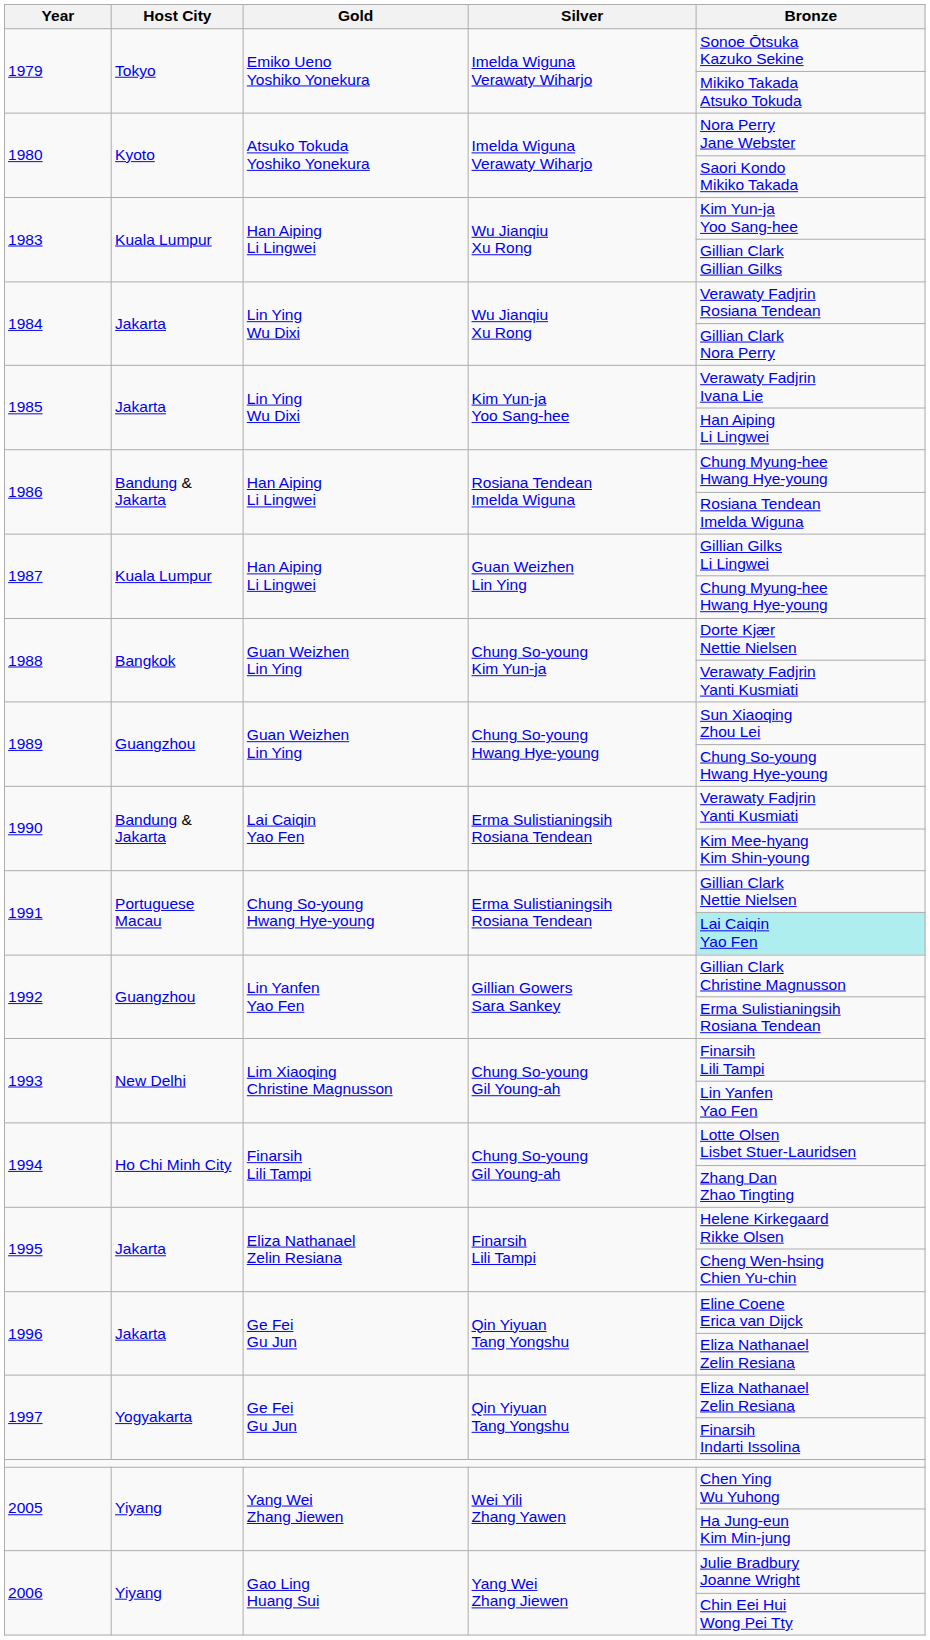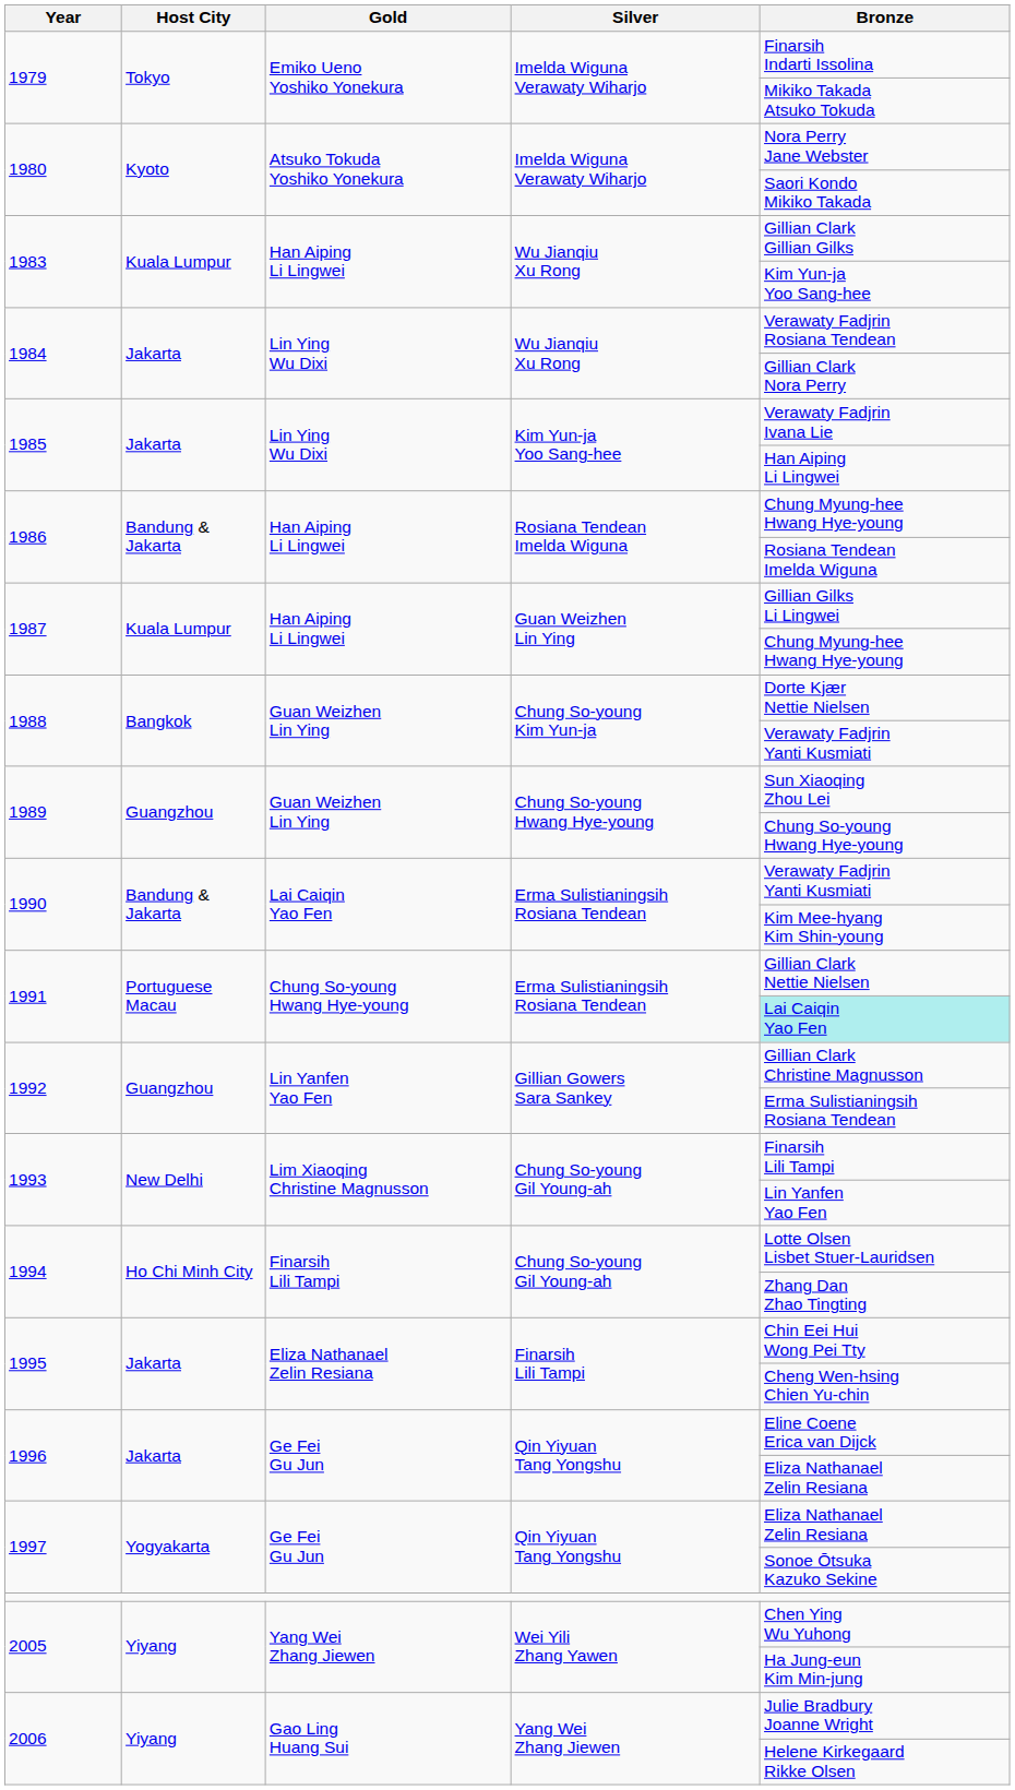 <table class="wikitable" style="text-align: left; width: 950px;">
 <tr>
 <th width="120">Year</th>
 <th width="140">Host City</th>
 <th width="260">Gold</th>
 <th width="260">Silver</th>
 <th width="260">Bronze</th>
 </tr>
 <tr>
 <td rowspan=2><a href='#'>1979</a></td>
 <td rowspan=2><a href='#'>Tokyo</a></td>
 <td rowspan=2> <a href='#'>Emiko Ueno</a><br> <a href='#'>Yoshiko Yonekura</a></td>
 <td rowspan=2> <a href='#'>Imelda Wiguna</a><br> <a href='#'>Verawaty Wiharjo</a></td>
-<td> <a href='#'>Sonoe Ōtsuka</a><br> <a href='#'>Kazuko Sekine</a></td>
+<td> <a href='#'>Finarsih</a><br> <a href='#'>Indarti Issolina</a></td>
 </tr>
 <tr>
 <td> <a href='#'>Mikiko Takada</a><br> <a href='#'>Atsuko Tokuda</a></td>
 </tr>
 <tr>
 <td rowspan=2><a href='#'>1980</a></td>
 <td rowspan=2><a href='#'>Kyoto</a></td>
 <td rowspan=2> <a href='#'>Atsuko Tokuda</a><br> <a href='#'>Yoshiko Yonekura</a></td>
 <td rowspan=2> <a href='#'>Imelda Wiguna</a><br> <a href='#'>Verawaty Wiharjo</a></td>
 <td> <a href='#'>Nora Perry</a><br> <a href='#'>Jane Webster</a></td>
 </tr>
 <tr>
 <td> <a href='#'>Saori Kondo</a><br> <a href='#'>Mikiko Takada</a></td>
 </tr>
 <tr>
 <td rowspan=2><a href='#'>1983</a></td>
 <td rowspan=2><a href='#'>Kuala Lumpur</a></td>
 <td rowspan=2> <a href='#'>Han Aiping</a><br> <a href='#'>Li Lingwei</a></td>
 <td rowspan=2> <a href='#'>Wu Jianqiu</a><br> <a href='#'>Xu Rong</a></td>
-<td> <a href='#'>Kim Yun-ja</a><br> <a href='#'>Yoo Sang-hee</a></td>
+<td> <a href='#'>Gillian Clark</a><br> <a href='#'>Gillian Gilks</a></td>
 </tr>
 <tr>
-<td> <a href='#'>Gillian Clark</a><br> <a href='#'>Gillian Gilks</a></td>
+<td> <a href='#'>Kim Yun-ja</a><br> <a href='#'>Yoo Sang-hee</a></td>
 </tr>
 <tr>
 <td rowspan=2><a href='#'>1984</a></td>
 <td rowspan=2><a href='#'>Jakarta</a></td>
 <td rowspan=2> <a href='#'>Lin Ying</a><br> <a href='#'>Wu Dixi</a></td>
 <td rowspan=2> <a href='#'>Wu Jianqiu</a><br> <a href='#'>Xu Rong</a></td>
 <td> <a href='#'>Verawaty Fadjrin</a><br> <a href='#'>Rosiana Tendean</a></td>
 </tr>
 <tr>
 <td> <a href='#'>Gillian Clark</a><br> <a href='#'>Nora Perry</a></td>
 </tr>
 <tr>
 <td rowspan=2><a href='#'>1985</a></td>
 <td rowspan=2><a href='#'>Jakarta</a></td>
 <td rowspan=2> <a href='#'>Lin Ying</a><br> <a href='#'>Wu Dixi</a></td>
 <td rowspan=2> <a href='#'>Kim Yun-ja</a><br> <a href='#'>Yoo Sang-hee</a></td>
 <td> <a href='#'>Verawaty Fadjrin</a><br> <a href='#'>Ivana Lie</a></td>
 </tr>
 <tr>
 <td> <a href='#'>Han Aiping</a><br> <a href='#'>Li Lingwei</a></td>
 </tr>
 <tr>
 <td rowspan=2><a href='#'>1986</a></td>
 <td rowspan=2><a href='#'>Bandung</a> & <br><a href='#'>Jakarta</a></td>
 <td rowspan=2> <a href='#'>Han Aiping</a><br> <a href='#'>Li Lingwei</a></td>
 <td rowspan=2> <a href='#'>Rosiana Tendean</a><br> <a href='#'>Imelda Wiguna</a></td>
 <td> <a href='#'>Chung Myung-hee</a><br> <a href='#'>Hwang Hye-young</a></td>
 </tr>
 <tr>
 <td> <a href='#'>Rosiana Tendean</a><br> <a href='#'>Imelda Wiguna</a></td>
 </tr>
 <tr>
 <td rowspan=2><a href='#'>1987</a></td>
 <td rowspan=2><a href='#'>Kuala Lumpur</a></td>
 <td rowspan=2> <a href='#'>Han Aiping</a><br> <a href='#'>Li Lingwei</a></td>
 <td rowspan=2> <a href='#'>Guan Weizhen</a><br> <a href='#'>Lin Ying</a></td>
 <td> <a href='#'>Gillian Gilks</a><br> <a href='#'>Li Lingwei</a></td>
 </tr>
 <tr>
 <td> <a href='#'>Chung Myung-hee</a><br> <a href='#'>Hwang Hye-young</a></td>
 </tr>
 <tr>
 <td rowspan=2><a href='#'>1988</a></td>
 <td rowspan=2><a href='#'>Bangkok</a></td>
 <td rowspan=2> <a href='#'>Guan Weizhen</a><br> <a href='#'>Lin Ying</a></td>
 <td rowspan=2> <a href='#'>Chung So-young</a><br> <a href='#'>Kim Yun-ja</a></td>
 <td> <a href='#'>Dorte Kjær</a><br> <a href='#'>Nettie Nielsen</a></td>
 </tr>
 <tr>
 <td> <a href='#'>Verawaty Fadjrin</a><br> <a href='#'>Yanti Kusmiati</a></td>
 </tr>
 <tr>
 <td rowspan=2><a href='#'>1989</a></td>
 <td rowspan=2><a href='#'>Guangzhou</a></td>
 <td rowspan=2> <a href='#'>Guan Weizhen</a><br> <a href='#'>Lin Ying</a></td>
 <td rowspan=2> <a href='#'>Chung So-young</a><br> <a href='#'>Hwang Hye-young</a></td>
 <td> <a href='#'>Sun Xiaoqing</a><br> <a href='#'>Zhou Lei</a></td>
 </tr>
 <tr>
 <td> <a href='#'>Chung So-young</a><br> <a href='#'>Hwang Hye-young</a></td>
 </tr>
 <tr>
 <td rowspan=2><a href='#'>1990</a></td>
 <td rowspan=2><a href='#'>Bandung</a> & <br><a href='#'>Jakarta</a></td>
 <td rowspan=2> <a href='#'>Lai Caiqin</a><br> <a href='#'>Yao Fen</a></td>
 <td rowspan=2> <a href='#'>Erma Sulistianingsih</a><br> <a href='#'>Rosiana Tendean</a></td>
 <td> <a href='#'>Verawaty Fadjrin</a><br> <a href='#'>Yanti Kusmiati</a></td>
 </tr>
 <tr>
 <td> <a href='#'>Kim Mee-hyang</a><br> <a href='#'>Kim Shin-young</a></td>
 </tr>
 <tr>
 <td rowspan=2><a href='#'>1991</a></td>
 <td rowspan=2><a href='#'>Portuguese Macau</a></td>
 <td rowspan=2> <a href='#'>Chung So-young</a><br> <a href='#'>Hwang Hye-young</a></td>
 <td rowspan=2> <a href='#'>Erma Sulistianingsih</a><br> <a href='#'>Rosiana Tendean</a></td>
 <td> <a href='#'>Gillian Clark</a><br> <a href='#'>Nettie Nielsen</a></td>
 </tr>
 <tr>
 <td style="background: paleturquoise;"> <a href='#'>Lai Caiqin</a><br> <a href='#'>Yao Fen</a></td>
 </tr>
 <tr>
 <td rowspan=2><a href='#'>1992</a></td>
 <td rowspan=2><a href='#'>Guangzhou</a></td>
 <td rowspan=2> <a href='#'>Lin Yanfen</a><br> <a href='#'>Yao Fen</a></td>
 <td rowspan=2> <a href='#'>Gillian Gowers</a><br> <a href='#'>Sara Sankey</a></td>
 <td> <a href='#'>Gillian Clark</a><br> <a href='#'>Christine Magnusson</a></td>
 </tr>
 <tr>
 <td> <a href='#'>Erma Sulistianingsih</a><br> <a href='#'>Rosiana Tendean</a></td>
 </tr>
 <tr>
 <td rowspan=2><a href='#'>1993</a></td>
 <td rowspan=2><a href='#'>New Delhi</a></td>
 <td rowspan=2> <a href='#'>Lim Xiaoqing</a><br> <a href='#'>Christine Magnusson</a></td>
 <td rowspan=2> <a href='#'>Chung So-young</a><br> <a href='#'>Gil Young-ah</a></td>
 <td> <a href='#'>Finarsih</a><br> <a href='#'>Lili Tampi</a></td>
 </tr>
 <tr>
 <td> <a href='#'>Lin Yanfen</a><br> <a href='#'>Yao Fen</a></td>
 </tr>
 <tr>
 <td rowspan=2><a href='#'>1994</a></td>
 <td rowspan=2><a href='#'>Ho Chi Minh City</a></td>
 <td rowspan=2> <a href='#'>Finarsih</a><br> <a href='#'>Lili Tampi</a></td>
 <td rowspan=2> <a href='#'>Chung So-young</a><br> <a href='#'>Gil Young-ah</a></td>
 <td> <a href='#'>Lotte Olsen</a><br> <a href='#'>Lisbet Stuer-Lauridsen</a></td>
 </tr>
 <tr>
 <td> <a href='#'>Zhang Dan</a><br> <a href='#'>Zhao Tingting</a></td>
 </tr>
 <tr>
 <td rowspan=2><a href='#'>1995</a></td>
 <td rowspan=2><a href='#'>Jakarta</a></td>
 <td rowspan=2> <a href='#'>Eliza Nathanael</a><br> <a href='#'>Zelin Resiana</a></td>
 <td rowspan=2> <a href='#'>Finarsih</a><br> <a href='#'>Lili Tampi</a></td>
-<td> <a href='#'>Helene Kirkegaard</a><br> <a href='#'>Rikke Olsen</a></td>
+<td> <a href='#'>Chin Eei Hui</a><br> <a href='#'>Wong Pei Tty</a></td>
 </tr>
 <tr>
 <td> <a href='#'>Cheng Wen-hsing</a><br> <a href='#'>Chien Yu-chin</a></td>
 </tr>
 <tr>
 <td rowspan=2><a href='#'>1996</a></td>
 <td rowspan=2><a href='#'>Jakarta</a></td>
 <td rowspan=2> <a href='#'>Ge Fei</a><br> <a href='#'>Gu Jun</a></td>
 <td rowspan=2> <a href='#'>Qin Yiyuan</a><br> <a href='#'>Tang Yongshu</a></td>
 <td> <a href='#'>Eline Coene</a><br> <a href='#'>Erica van Dijck</a></td>
 </tr>
 <tr>
 <td> <a href='#'>Eliza Nathanael</a><br> <a href='#'>Zelin Resiana</a></td>
 </tr>
 <tr>
 <td rowspan=2><a href='#'>1997</a></td>
 <td rowspan=2><a href='#'>Yogyakarta</a></td>
 <td rowspan=2> <a href='#'>Ge Fei</a><br> <a href='#'>Gu Jun</a></td>
 <td rowspan=2> <a href='#'>Qin Yiyuan</a><br> <a href='#'>Tang Yongshu</a></td>
 <td> <a href='#'>Eliza Nathanael</a><br> <a href='#'>Zelin Resiana</a></td>
 </tr>
 <tr>
-<td> <a href='#'>Finarsih</a><br> <a href='#'>Indarti Issolina</a></td>
+<td> <a href='#'>Sonoe Ōtsuka</a><br> <a href='#'>Kazuko Sekine</a></td>
 </tr>
 <tr>
 <td colspan=6></td>
 </tr>
 <tr>
 <td rowspan=2><a href='#'>2005</a></td>
 <td rowspan=2><a href='#'>Yiyang</a></td>
 <td rowspan=2> <a href='#'>Yang Wei</a><br> <a href='#'>Zhang Jiewen</a></td>
 <td rowspan=2> <a href='#'>Wei Yili</a><br> <a href='#'>Zhang Yawen</a></td>
 <td> <a href='#'>Chen Ying</a><br> <a href='#'>Wu Yuhong</a></td>
 </tr>
 <tr>
 <td> <a href='#'>Ha Jung-eun</a><br> <a href='#'>Kim Min-jung</a></td>
 </tr>
 <tr>
 <td rowspan=2><a href='#'>2006</a></td>
 <td rowspan=2><a href='#'>Yiyang</a></td>
 <td rowspan=2> <a href='#'>Gao Ling</a><br> <a href='#'>Huang Sui</a></td>
 <td rowspan=2> <a href='#'>Yang Wei</a><br> <a href='#'>Zhang Jiewen</a></td>
 <td> <a href='#'>Julie Bradbury</a><br> <a href='#'>Joanne Wright</a></td>
 </tr>
 <tr>
-<td> <a href='#'>Chin Eei Hui</a><br> <a href='#'>Wong Pei Tty</a></td>
+<td> <a href='#'>Helene Kirkegaard</a><br> <a href='#'>Rikke Olsen</a></td>
 </tr>
 </table>
